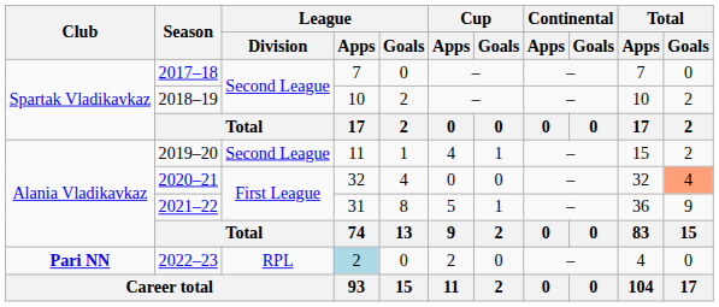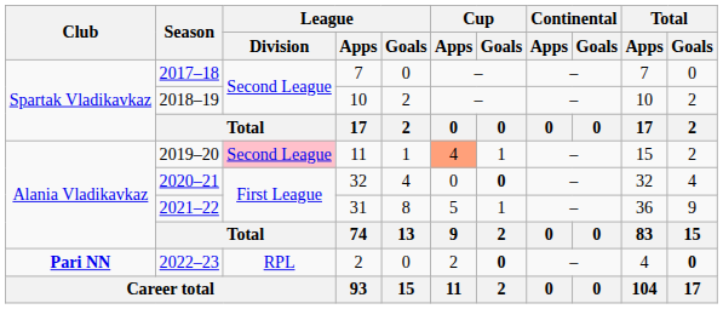 <table class="wikitable" style="text-align: center;">
 <tr>
 <th rowspan=2>Club</th>
 <th rowspan=2>Season</th>
 <th colspan=3>League</th>
 <th colspan=2>Cup</th>
 <th colspan=2>Continental</th>
 <th colspan=2>Total</th>
 </tr>
 <tr>
 <th>Division</th>
 <th>Apps</th>
 <th>Goals</th>
 <th>Apps</th>
 <th>Goals</th>
 <th>Apps</th>
 <th>Goals</th>
 <th>Apps</th>
 <th>Goals</th>
 </tr>
 <tr>
 <td rowspan="3"><a href='#'>Spartak Vladikavkaz</a></td>
 <td><a href='#'>2017–18</a></td>
 <td rowspan="2"><a href='#'>Second League</a></td>
 <td>7</td>
 <td>0</td>
 <td colspan=2>–</td>
 <td colspan=2>–</td>
 <td>7</td>
 <td>0</td>
 </tr>
 <tr>
 <td>2018–19</td>
 <td>10</td>
 <td>2</td>
 <td colspan=2>–</td>
 <td colspan=2>–</td>
 <td>10</td>
 <td>2</td>
 </tr>
 <tr>
 <th colspan=2>Total</th>
 <th>17</th>
 <th>2</th>
 <th>0</th>
 <th>0</th>
 <th>0</th>
 <th>0</th>
 <th>17</th>
 <th>2</th>
 </tr>
 <tr>
 <td rowspan="4"><a href='#'>Alania Vladikavkaz</a></td>
 <td>2019–20</td>
-<td><a href='#'>Second League</a></td>
+<td style="background: pink;"><a href='#'>Second League</a></td>
 <td>11</td>
 <td>1</td>
-<td>4</td>
+<td style="background: lightsalmon;">4</td>
 <td>1</td>
 <td colspan=2>–</td>
 <td>15</td>
 <td>2</td>
 </tr>
 <tr>
 <td><a href='#'>2020–21</a></td>
 <td rowspan="2"><a href='#'>First League</a></td>
 <td>32</td>
 <td>4</td>
 <td>0</td>
-<td>0</td>
+<td><strong>0</strong></td>
 <td colspan=2>–</td>
 <td>32</td>
-<td style="background: lightsalmon;">4</td>
+<td>4</td>
 </tr>
 <tr>
 <td><a href='#'>2021–22</a></td>
 <td>31</td>
 <td>8</td>
 <td>5</td>
 <td>1</td>
 <td colspan=2>–</td>
 <td>36</td>
 <td>9</td>
 </tr>
 <tr>
 <th colspan=2>Total</th>
 <th>74</th>
 <th>13</th>
 <th>9</th>
 <th>2</th>
 <th>0</th>
 <th>0</th>
 <th>83</th>
 <th>15</th>
 </tr>
 <tr>
 <td><strong><a href='#'>Pari NN</a></strong></td>
 <td><a href='#'>2022–23</a></td>
 <td><a href='#'>RPL</a></td>
-<td style="background: lightblue;">2</td>
+<td>2</td>
 <td>0</td>
 <td>2</td>
-<td>0</td>
+<td><strong>0</strong></td>
 <td colspan=2>–</td>
 <td>4</td>
-<td>0</td>
+<td><strong>0</strong></td>
 </tr>
 <tr>
 <th colspan=3>Career total</th>
 <th>93</th>
 <th>15</th>
 <th>11</th>
 <th>2</th>
 <th>0</th>
 <th>0</th>
 <th>104</th>
 <th>17</th>
 </tr>
 </table>
